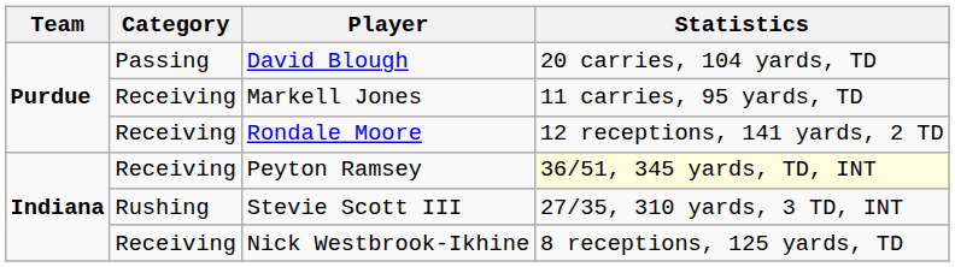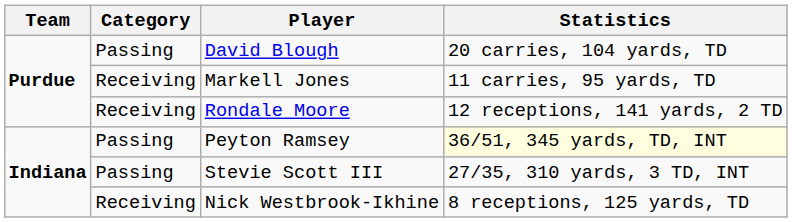 <table class="wikitable" style="float: right;">
 <tr>
 <th>Team</th>
 <th>Category</th>
 <th>Player</th>
 <th>Statistics</th>
 </tr>
 <tr>
 <td rowspan=3><strong>Purdue</strong></td>
 <td>Passing</td>
 <td><a href='#'>David Blough</a></td>
 <td>20 carries, 104 yards, TD</td>
 </tr>
 <tr>
 <td>Receiving</td>
 <td>Markell Jones</td>
 <td>11 carries, 95 yards, TD</td>
 </tr>
 <tr>
 <td>Receiving</td>
 <td><a href='#'>Rondale Moore</a></td>
 <td>12 receptions, 141 yards, 2 TD</td>
 </tr>
 <tr>
 <td rowspan=3><strong>Indiana</strong></td>
-<td>Receiving</td>
+<td>Passing</td>
 <td>Peyton Ramsey</td>
 <td style="background: lightyellow;">36/51, 345 yards, TD, INT</td>
 </tr>
 <tr>
-<td>Rushing</td>
+<td>Passing</td>
 <td>Stevie Scott III</td>
 <td>27/35, 310 yards, 3 TD, INT</td>
 </tr>
 <tr>
 <td>Receiving</td>
 <td>Nick Westbrook-Ikhine</td>
 <td>8 receptions, 125 yards, TD</td>
 </tr>
 </table>
